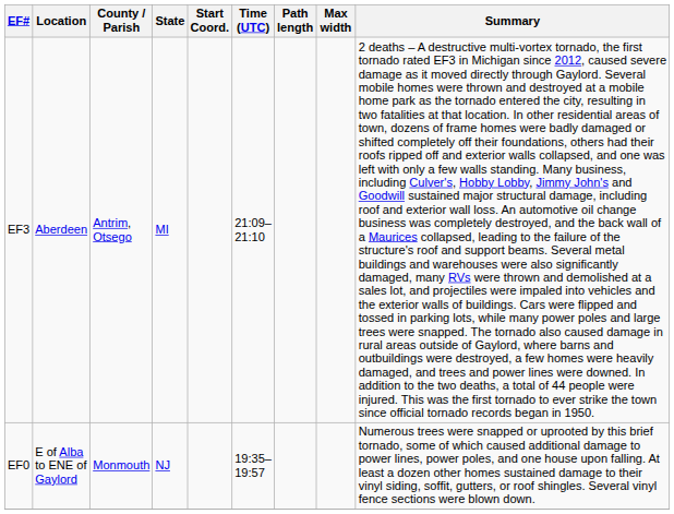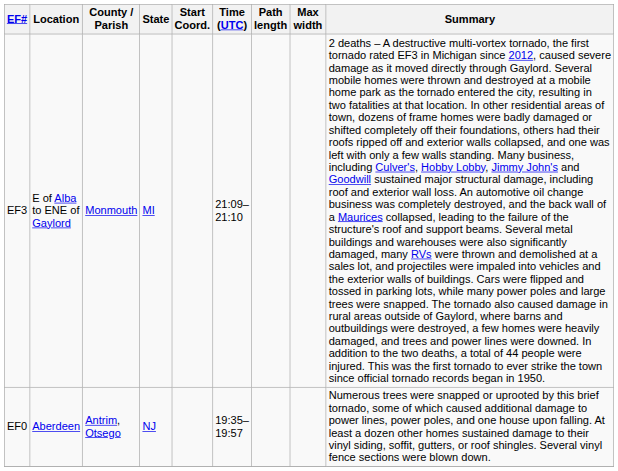 <table class="wikitable sortable" style="width:100%;">
 <tr>
 <th scope="col"  style="width:3%; text-align:center;"><a href='#'>EF#</a></th>
 <th scope="col"  style="width:7%; text-align:center;" class="unsortable">Location</th>
 <th scope="col"  style="width:6%; text-align:center;" class="unsortable">County / Parish</th>
 <th scope="col"  style="width:5%; text-align:center;">State</th>
 <th scope="col"  style="width:6%; text-align:center;">Start Coord.</th>
 <th scope="col"  style="width:6%; text-align:center;">Time (<a href='#'>UTC</a>)</th>
 <th scope="col"  style="width:6%; text-align:center;">Path length</th>
 <th scope="col"  style="width:6%; text-align:center;">Max width</th>
 <th scope="col" class="unsortable" style="width:48%; text-align:center;">Summary</th>
 </tr>
 <tr>
 <td>EF3</td>
-<td><a href='#'>Aberdeen</a></td>
-<td><a href='#'>Antrim</a>, <a href='#'>Otsego</a></td>
+<td>E of <a href='#'>Alba</a> to ENE of <a href='#'>Gaylord</a></td>
+<td><a href='#'>Monmouth</a></td>
 <td><a href='#'>MI</a></td>
 <td></td>
 <td>21:09–21:10</td>
 <td></td>
 <td></td>
 <td>2 deaths – A destructive multi-vortex tornado, the first tornado rated EF3 in Michigan since <a href='#'>2012</a>, caused severe damage as it moved directly through Gaylord. Several mobile homes were thrown and destroyed at a mobile home park as the tornado entered the city, resulting in two fatalities at that location. In other residential areas of town, dozens of frame homes were badly damaged or shifted completely off their foundations, others had their roofs ripped off and exterior walls collapsed, and one was left with only a few walls standing. Many business, including <a href='#'>Culver's</a>, <a href='#'>Hobby Lobby</a>, <a href='#'>Jimmy John's</a> and <a href='#'>Goodwill</a> sustained major structural damage, including roof and exterior wall loss. An automotive oil change business was completely destroyed, and the back wall of a <a href='#'>Maurices</a> collapsed, leading to the failure of the structure's roof and support beams. Several metal buildings and warehouses were also significantly damaged, many <a href='#'>RVs</a> were thrown and demolished at a sales lot, and projectiles were impaled into vehicles and the exterior walls of buildings. Cars were flipped and tossed in parking lots, while many power poles and large trees were snapped. The tornado also caused damage in rural areas outside of Gaylord, where barns and outbuildings were destroyed, a few homes were heavily damaged, and trees and power lines were downed. In addition to the two deaths, a total of 44 people were injured. This was the first tornado to ever strike the town since official tornado records began in 1950.</td>
 </tr>
 <tr>
 <td>EF0</td>
-<td>E of <a href='#'>Alba</a> to ENE of <a href='#'>Gaylord</a></td>
-<td><a href='#'>Monmouth</a></td>
+<td><a href='#'>Aberdeen</a></td>
+<td><a href='#'>Antrim</a>, <a href='#'>Otsego</a></td>
 <td><a href='#'>NJ</a></td>
 <td></td>
 <td>19:35–19:57</td>
 <td></td>
 <td></td>
 <td>Numerous trees were snapped or uprooted by this brief tornado, some of which caused additional damage to power lines, power poles, and one house upon falling. At least a dozen other homes sustained damage to their vinyl siding, soffit, gutters, or roof shingles. Several vinyl fence sections were blown down.</td>
 </tr>
 <tr>
 </tr>
 </table>
